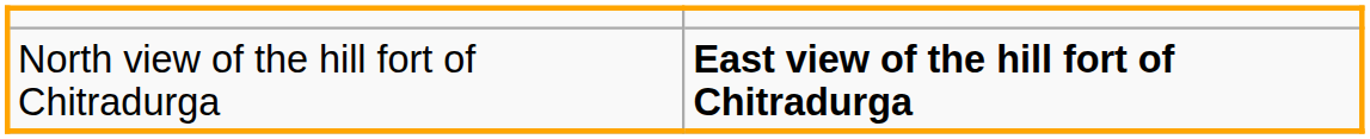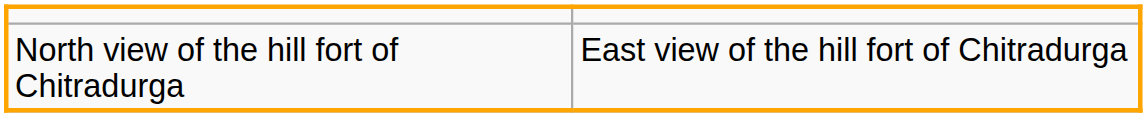 <table class="wikitable" align="right" width="40%" style="font-size:90%; border:2px solid orange;">
 <tr>
 <td width="40%" align="center" valign="center"></td>
 <td width="40%" align="center" valign="center"></td>
 </tr>
 <tr>
 <td valign="top">North view of the hill fort of Chitradurga</td>
-<td valign="top"><strong>East view of the hill fort of Chitradurga</strong></td>
+<td valign="top">East view of the hill fort of Chitradurga</td>
 </tr>
 <tr>
 </tr>
 </table>
